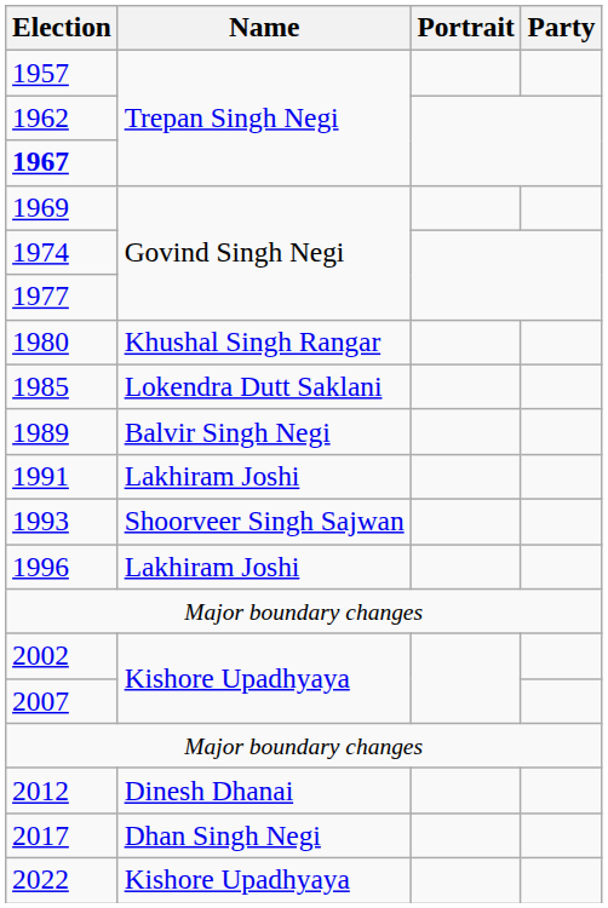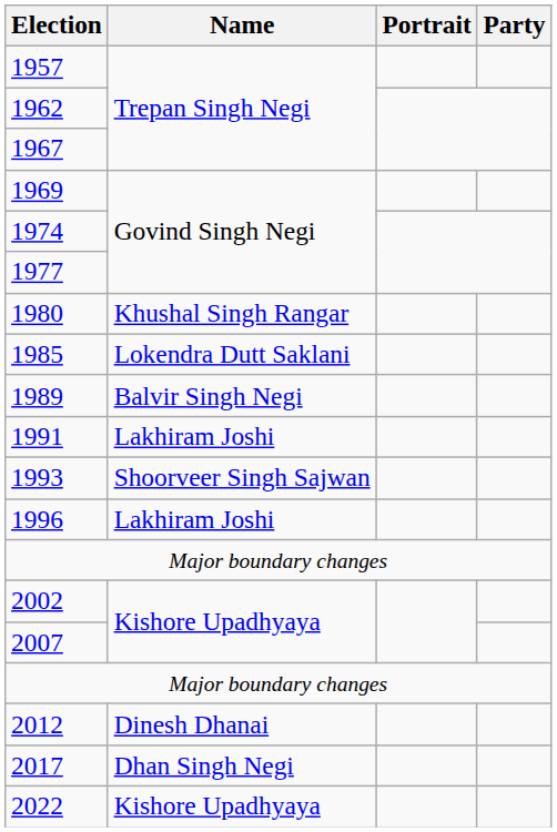 <table class="wikitable sortable">
 <tr>
 <th>Election</th>
 <th>Name</th>
 <th>Portrait</th>
 <th colspan=2>Party</th>
 </tr>
 <tr>
 <td><a href='#'>1957</a></td>
 <td rowspan="3"><a href='#'>Trepan Singh Negi</a></td>
 <td></td>
 <td></td>
 </tr>
 <tr>
 <td><a href='#'>1962</a></td>
 </tr>
 <tr>
-<td><strong><a href='#'>1967</a></strong></td>
+<td><a href='#'>1967</a></td>
 </tr>
 <tr>
 <td><a href='#'>1969</a></td>
 <td rowspan=3>Govind Singh Negi</td>
 <td></td>
 <td></td>
 </tr>
 <tr>
 <td><a href='#'>1974</a></td>
 </tr>
 <tr>
 <td><a href='#'>1977</a></td>
 </tr>
 <tr>
 <td><a href='#'>1980</a></td>
 <td><a href='#'>Khushal Singh Rangar</a></td>
 <td></td>
 <td></td>
 </tr>
 <tr>
 <td><a href='#'>1985</a></td>
 <td><a href='#'>Lokendra Dutt Saklani</a></td>
 <td></td>
 </tr>
 <tr>
 <td><a href='#'>1989</a></td>
 <td><a href='#'>Balvir Singh Negi</a></td>
 <td></td>
 <td></td>
 </tr>
 <tr>
 <td><a href='#'>1991</a></td>
 <td><a href='#'>Lakhiram Joshi</a></td>
 <td></td>
 <td></td>
 </tr>
 <tr>
 <td><a href='#'>1993</a></td>
 <td><a href='#'>Shoorveer Singh Sajwan</a></td>
 <td></td>
 <td></td>
 </tr>
 <tr>
 <td><a href='#'>1996</a></td>
 <td><a href='#'>Lakhiram Joshi</a></td>
 <td></td>
 <td></td>
 </tr>
 <tr>
 <td colspan=5 align=center><small><em>Major boundary changes</em></small></td>
 </tr>
 <tr>
 <td><a href='#'>2002</a></td>
 <td rowspan="2"><a href='#'>Kishore Upadhyaya</a></td>
 <td rowspan="2"></td>
 <td></td>
 </tr>
 <tr>
 <td><a href='#'>2007</a></td>
 </tr>
 <tr>
 <td colspan=5 align=center><small><em>Major boundary changes</em></small></td>
 </tr>
 <tr>
 <td><a href='#'>2012</a></td>
 <td><a href='#'>Dinesh Dhanai</a></td>
 <td></td>
 <td></td>
 </tr>
 <tr>
 <td><a href='#'>2017</a></td>
 <td><a href='#'>Dhan Singh Negi</a></td>
 <td></td>
 <td></td>
 </tr>
 <tr>
 <td><a href='#'>2022</a></td>
 <td><a href='#'>Kishore Upadhyaya</a></td>
 <td></td>
 </tr>
 </table>
